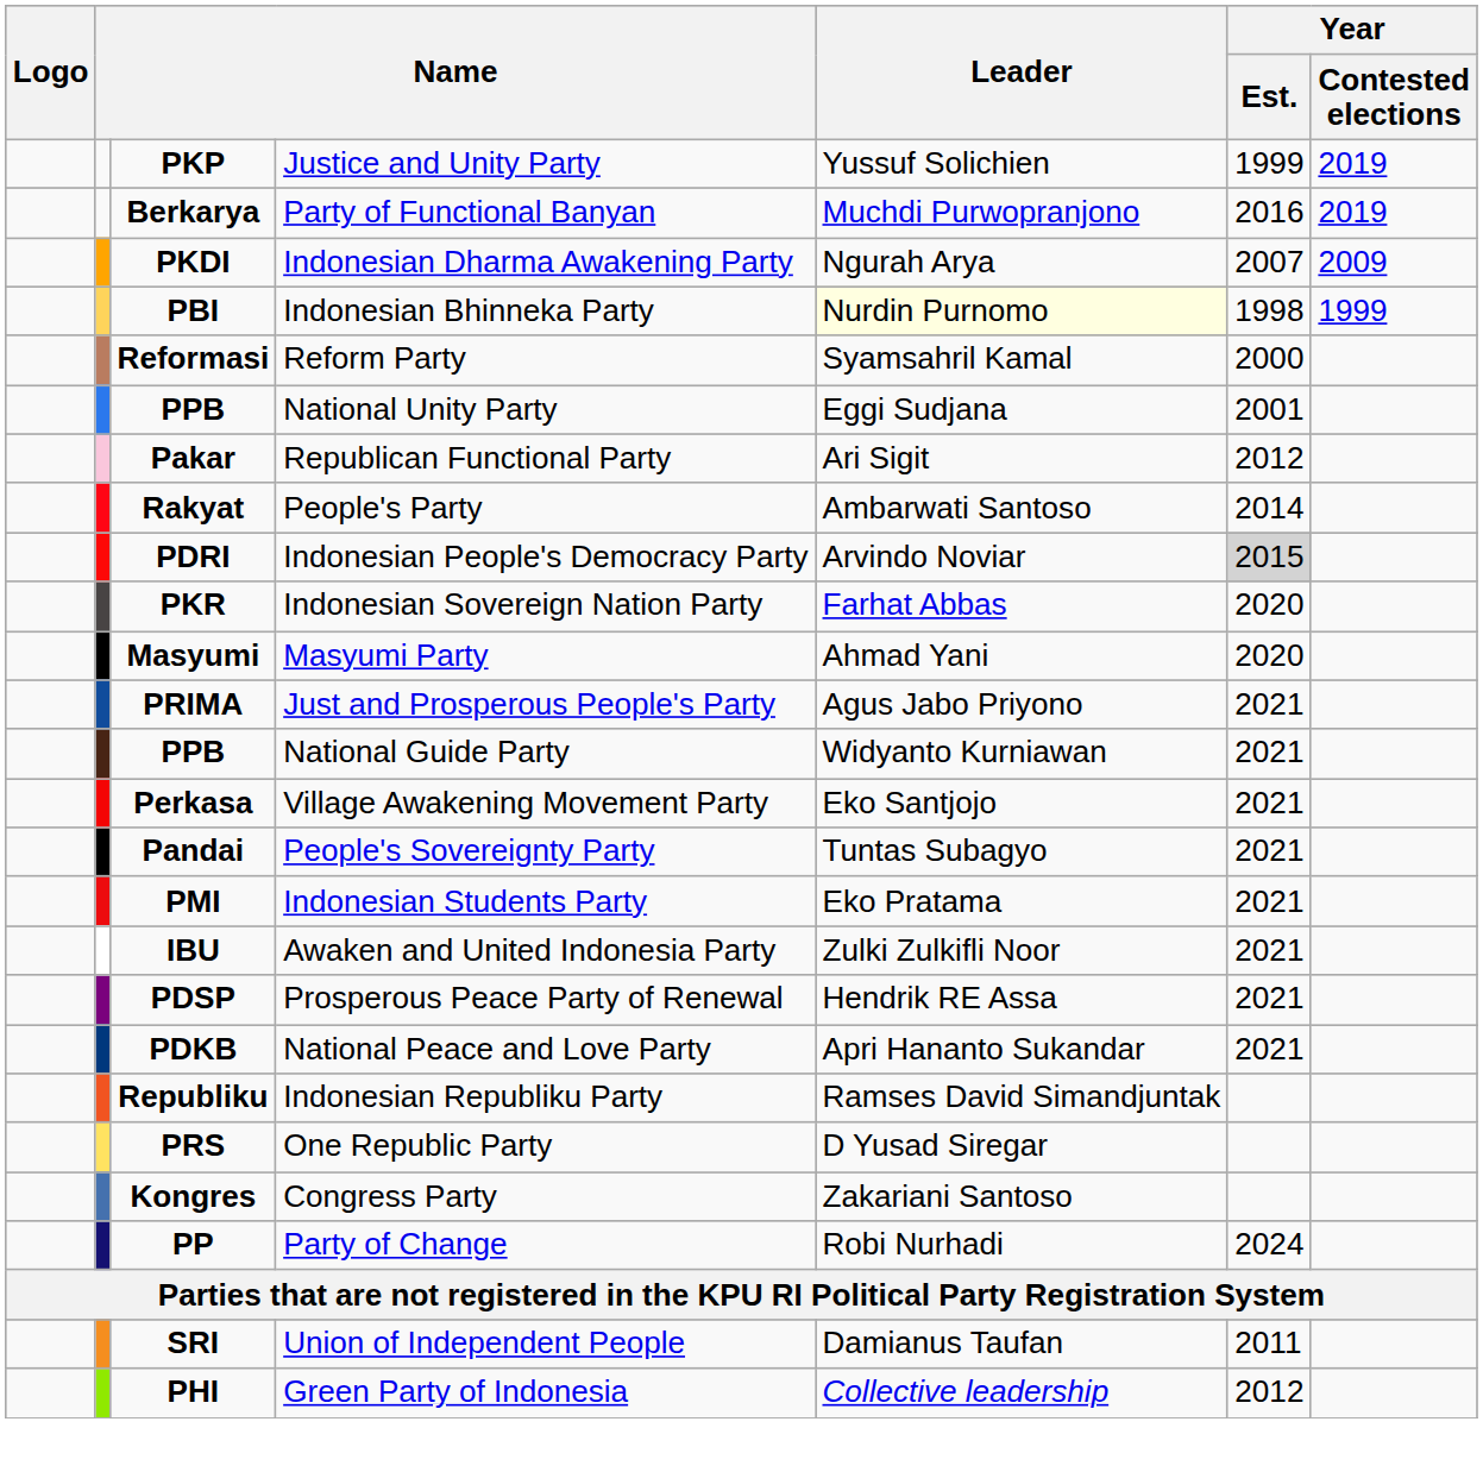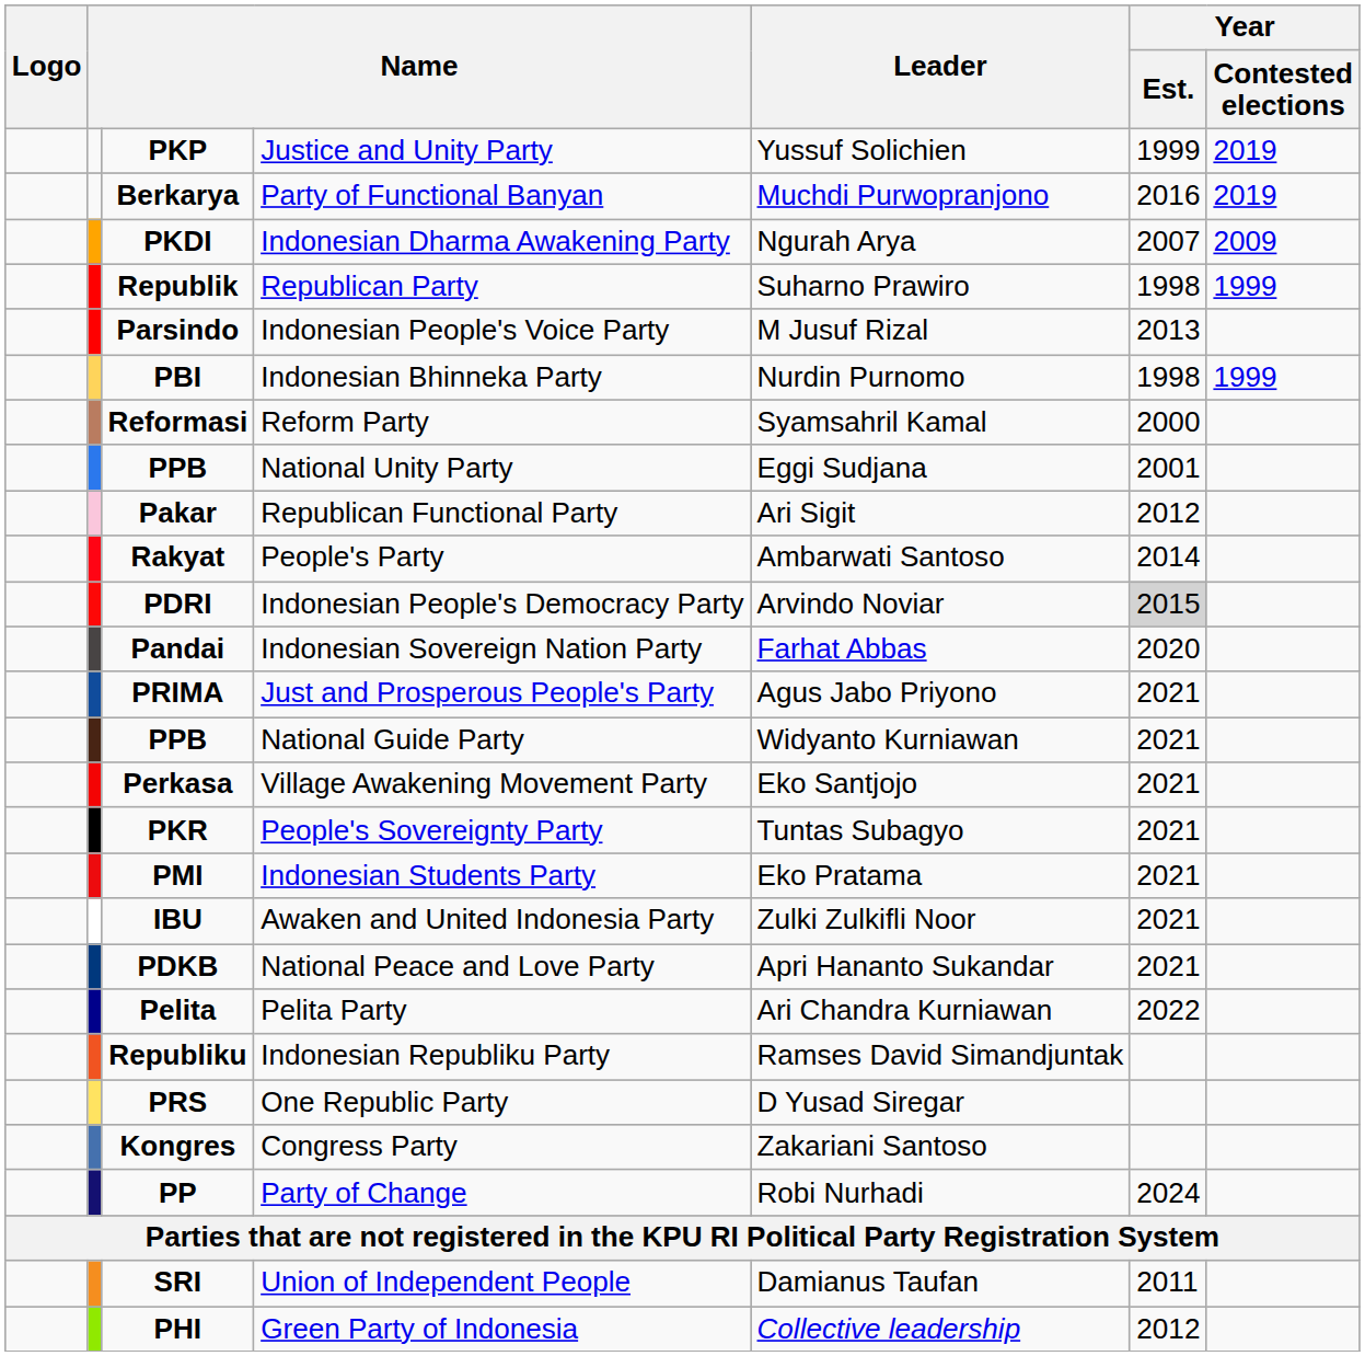 <table class="wikitable">
 <tr>
 <th rowspan="2">Logo</th>
 <th colspan="3" rowspan="2">Name</th>
 <th rowspan="2">Leader</th>
 <th colspan="2">Year</th>
 </tr>
 <tr>
 <th>Est.</th>
 <th>Contested<br>elections</th>
 </tr>
 <tr>
 <td></td>
 <td style="background:"></td>
 <td style="text-align:center;"><strong>PKP</strong></td>
 <td><a href='#'>Justice and Unity Party</a><br></td>
 <td>Yussuf Solichien</td>
 <td>1999</td>
 <td><a href='#'>2019</a></td>
 </tr>
 <tr>
 <td></td>
 <td style="background:"></td>
 <td style="text-align:center;"><strong>Berkarya</strong></td>
 <td><a href='#'>Party of Functional Banyan</a><br></td>
 <td><a href='#'>Muchdi Purwopranjono</a></td>
 <td>2016</td>
 <td><a href='#'>2019</a></td>
 </tr>
 <tr>
 <td></td>
 <td style="background:#FFA500;"></td>
 <td style="text-align:center;"><strong>PKDI</strong></td>
 <td><a href='#'>Indonesian Dharma Awakening Party</a><br></td>
 <td>Ngurah Arya</td>
 <td>2007</td>
 <td><a href='#'>2009</a></td>
 </tr>
 <tr>
 <td></td>
+<td style="background:#FE0000;"></td>
+<td style="text-align:center;"><strong>Republik</strong></td>
+<td><a href='#'>Republican Party</a><br></td>
+<td>Suharno Prawiro</td>
+<td>1998</td>
+<td><a href='#'>1999</a></td>
+</tr>
+<tr>
+<td></td>
+<td style="background:#FE0000;"></td>
+<td style="text-align:center;"><strong>Parsindo</strong></td>
+<td>Indonesian People's Voice Party<br></td>
+<td>M Jusuf Rizal</td>
+<td>2013</td>
+<td></td>
+</tr>
+<tr>
+<td></td>
 <td style="background:#FED45B;"></td>
 <td style="text-align:center;"><strong>PBI</strong></td>
 <td>Indonesian Bhinneka Party<br></td>
-<td style="background: lightyellow;">Nurdin Purnomo</td>
+<td>Nurdin Purnomo</td>
 <td>1998</td>
 <td><a href='#'>1999</a></td>
 </tr>
 <tr>
 <td></td>
 <td style="background:#B97C60;"></td>
 <td style="text-align:center;"><strong>Reformasi</strong></td>
 <td>Reform Party<br></td>
 <td>Syamsahril Kamal</td>
 <td>2000</td>
 <td></td>
 </tr>
 <tr>
 <td></td>
 <td style="background:#2B78ED;"></td>
 <td style="text-align:center;"><strong>PPB</strong></td>
 <td>National Unity Party<br></td>
 <td>Eggi Sudjana</td>
 <td>2001</td>
 <td></td>
 </tr>
 <tr>
 <td></td>
 <td style="background:#FAC6DC;"></td>
 <td style="text-align:center;"><strong>Pakar</strong></td>
 <td>Republican Functional Party<br></td>
 <td>Ari Sigit</td>
 <td>2012</td>
 <td></td>
 </tr>
 <tr>
 <td></td>
 <td style="background:#FF0414;"></td>
 <td style="text-align:center;"><strong>Rakyat</strong></td>
 <td>People's Party<br></td>
 <td>Ambarwati Santoso</td>
 <td>2014</td>
 <td></td>
 </tr>
 <tr>
 <td></td>
 <td style="background:#FD0807;"></td>
 <td style="text-align:center;"><strong>PDRI</strong></td>
 <td>Indonesian People's Democracy Party<br></td>
 <td>Arvindo Noviar</td>
 <td style="background: lightgrey;">2015</td>
 <td></td>
 </tr>
 <tr>
 <td></td>
 <td style="background:#484444;"></td>
-<td style="text-align:center;"><strong>PKR</strong></td>
+<td style="text-align:center;"><strong>Pandai</strong></td>
 <td>Indonesian Sovereign Nation Party<br></td>
 <td><a href='#'>Farhat Abbas</a></td>
-<td>2020</td>
-<td></td>
-</tr>
-<tr>
-<td></td>
-<td style="background:black;"></td>
-<td style="text-align:center;"><strong>Masyumi</strong></td>
-<td><a href='#'>Masyumi Party</a><br></td>
-<td>Ahmad Yani</td>
 <td>2020</td>
 <td></td>
 </tr>
 <tr>
 <td></td>
 <td style="background:#104C9C;"></td>
 <td style="text-align:center;"><strong>PRIMA</strong></td>
 <td><a href='#'>Just and Prosperous People's Party</a><br></td>
 <td>Agus Jabo Priyono</td>
 <td>2021</td>
 <td></td>
 </tr>
 <tr>
 <td></td>
 <td style="background:#482414;"></td>
 <td style="text-align:center;"><strong>PPB</strong></td>
 <td>National Guide Party<br></td>
 <td>Widyanto Kurniawan</td>
 <td>2021</td>
 <td></td>
 </tr>
 <tr>
 <td></td>
 <td style="background:#F40404;"></td>
 <td style="text-align:center;"><strong>Perkasa</strong></td>
 <td>Village Awakening Movement Party<br></td>
 <td>Eko Santjojo</td>
 <td>2021</td>
 <td></td>
 </tr>
 <tr>
 <td></td>
 <td style="background:#000000;"></td>
-<td style="text-align:center;"><strong>Pandai</strong></td>
+<td style="text-align:center;"><strong>PKR</strong></td>
 <td><a href='#'>People's Sovereignty Party</a><br></td>
 <td>Tuntas Subagyo</td>
 <td>2021</td>
 <td></td>
 </tr>
 <tr>
 <td></td>
 <td style="background:#ED0B0E;"></td>
 <td style="text-align:center;"><strong>PMI</strong></td>
 <td><a href='#'>Indonesian Students Party</a><br></td>
 <td>Eko Pratama</td>
 <td>2021</td>
 <td></td>
 </tr>
 <tr>
 <td></td>
 <td style="background:white;"></td>
 <td style="text-align:center;"><strong>IBU</strong></td>
 <td>Awaken and United Indonesia Party<br></td>
 <td>Zulki Zulkifli Noor</td>
 <td>2021</td>
 <td></td>
 </tr>
 <tr>
 <td></td>
-<td style="background:#7A027D;"></td>
-<td style="text-align:center;"><strong>PDSP</strong></td>
-<td>Prosperous Peace Party of Renewal<br></td>
-<td>Hendrik RE Assa</td>
+<td style="background:#00387D;"></td>
+<td style="text-align:center;"><strong>PDKB</strong></td>
+<td>National Peace and Love Party<br></td>
+<td>Apri Hananto Sukandar</td>
 <td>2021</td>
 <td></td>
 </tr>
 <tr>
 <td></td>
-<td style="background:#00387D;"></td>
-<td style="text-align:center;"><strong>PDKB</strong></td>
-<td>National Peace and Love Party<br></td>
-<td>Apri Hananto Sukandar</td>
-<td>2021</td>
+<td style="background:#00008B;"></td>
+<td style="text-align:center;"><strong>Pelita</strong></td>
+<td>Pelita Party<br></td>
+<td>Ari Chandra Kurniawan</td>
+<td>2022</td>
 <td></td>
 </tr>
 <tr>
 <td></td>
 <td style="background:#F15421;"></td>
 <td style="text-align:center;"><strong>Republiku</strong></td>
 <td>Indonesian Republiku Party<br></td>
 <td>Ramses David Simandjuntak</td>
 <td></td>
 <td></td>
 </tr>
 <tr>
 <td></td>
 <td style="background:#FFE361;"></td>
 <td style="text-align:center;"><strong>PRS</strong></td>
 <td>One Republic Party<br></td>
 <td>D Yusad Siregar</td>
 <td></td>
 <td></td>
 </tr>
 <tr>
 <td></td>
 <td style="background:#4571AE;"></td>
 <td style="text-align:center;"><strong>Kongres</strong></td>
 <td>Congress Party<br></td>
 <td>Zakariani Santoso</td>
 <td></td>
 <td></td>
 </tr>
 <tr>
 <td></td>
 <td style="background:#141071;"></td>
 <td style="text-align:center;"><strong>PP</strong></td>
 <td><a href='#'>Party of Change</a><br></td>
 <td>Robi Nurhadi</td>
 <td>2024</td>
 <td></td>
 </tr>
 <tr>
 <th colspan="7">Parties that are not registered in the KPU RI Political Party Registration System</th>
 </tr>
 <tr>
 <td></td>
 <td style="background:#F58E1F;"></td>
 <td style="text-align:center;"><strong>SRI</strong></td>
 <td><a href='#'>Union of Independent People</a><br></td>
 <td>Damianus Taufan</td>
 <td>2011</td>
 <td></td>
 </tr>
 <tr>
 <td></td>
 <td style="background:#90E900;"></td>
 <td style="text-align:center;"><strong>PHI</strong></td>
 <td><a href='#'>Green Party of Indonesia</a><br></td>
 <td><em><a href='#'>Collective leadership</a></em></td>
 <td>2012</td>
 <td></td>
 </tr>
 <tr>
 </tr>
 </table>
